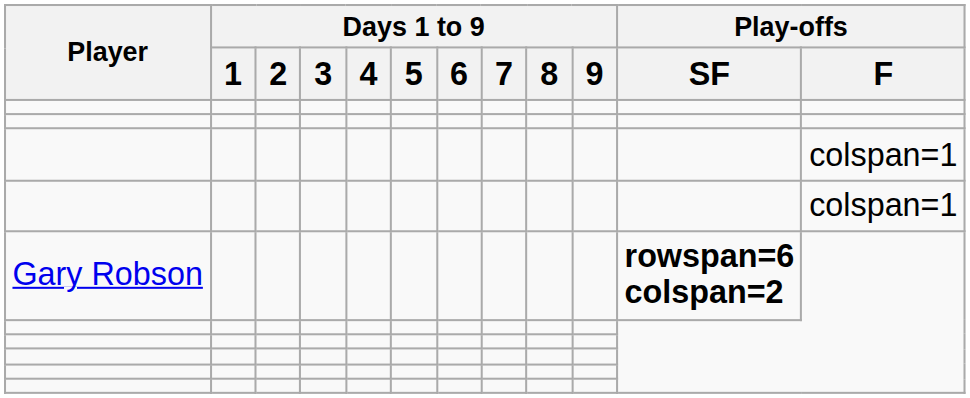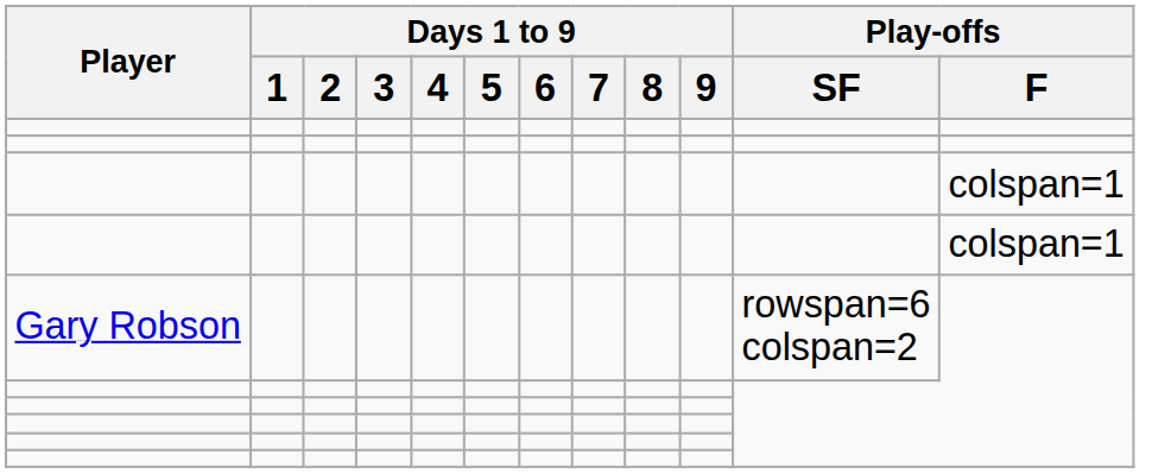 <table class="wikitable">
 <tr style="font-size:10pt;font-weight:bold">
 <th rowspan=2>Player</th>
 <th colspan=9>Days 1 to 9</th>
 <th colspan=2 rowspan=1>Play-offs</th>
 </tr>
 <tr>
 <th style="width:15px;">1</th>
 <th style="width:15px;">2</th>
 <th style="width:15px;">3</th>
 <th style="width:15px;">4</th>
 <th style="width:15px;">5</th>
 <th style="width:15px;">6</th>
 <th style="width:15px;">7</th>
 <th style="width:15px;">8</th>
 <th style="width:15px;">9</th>
 <th style="width:25px;">SF</th>
 <th style="width:25px;">F</th>
 </tr>
 <tr>
 <td></td>
 <td></td>
 <td></td>
 <td></td>
 <td></td>
 <td></td>
 <td></td>
 <td></td>
 <td></td>
 <td></td>
 <td></td>
 <td></td>
 </tr>
 <tr>
 <td></td>
 <td></td>
 <td></td>
 <td></td>
 <td></td>
 <td></td>
 <td></td>
 <td></td>
 <td></td>
 <td></td>
 <td></td>
 <td></td>
 </tr>
 <tr>
 <td></td>
 <td></td>
 <td></td>
 <td></td>
 <td></td>
 <td></td>
 <td></td>
 <td></td>
 <td></td>
 <td></td>
 <td></td>
 <td>colspan=1 </td>
 </tr>
 <tr>
 <td></td>
 <td></td>
 <td></td>
 <td></td>
 <td></td>
 <td></td>
 <td></td>
 <td></td>
 <td></td>
 <td></td>
 <td></td>
 <td>colspan=1 </td>
 </tr>
 <tr>
 <td> <a href='#'>Gary Robson</a></td>
 <td></td>
 <td></td>
 <td></td>
 <td></td>
 <td></td>
 <td></td>
 <td></td>
 <td></td>
 <td></td>
-<td><strong>rowspan=6 colspan=2 </strong></td>
+<td>rowspan=6 colspan=2 </td>
 </tr>
 <tr>
 <td></td>
 <td></td>
 <td></td>
 <td></td>
 <td></td>
 <td></td>
 <td></td>
 <td></td>
 <td></td>
 <td></td>
 </tr>
 <tr>
 <td></td>
 <td></td>
 <td></td>
 <td></td>
 <td></td>
 <td></td>
 <td></td>
 <td></td>
 <td></td>
 <td></td>
 </tr>
 <tr>
 <td></td>
 <td></td>
 <td></td>
 <td></td>
 <td></td>
 <td></td>
 <td></td>
 <td></td>
 <td></td>
 <td></td>
 </tr>
 <tr>
 <td></td>
 <td></td>
 <td></td>
 <td></td>
 <td></td>
 <td></td>
 <td></td>
 <td></td>
 <td></td>
 <td></td>
 </tr>
 <tr>
 <td></td>
 <td></td>
 <td></td>
 <td></td>
 <td></td>
 <td></td>
 <td></td>
 <td></td>
 <td></td>
 <td></td>
 </tr>
 </table>
